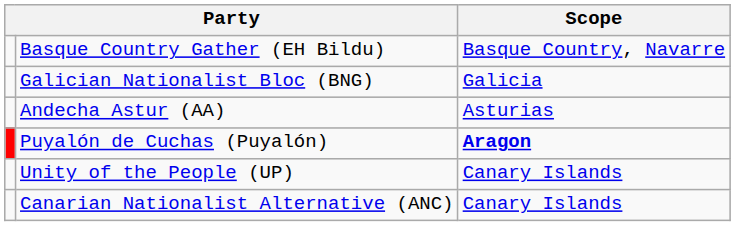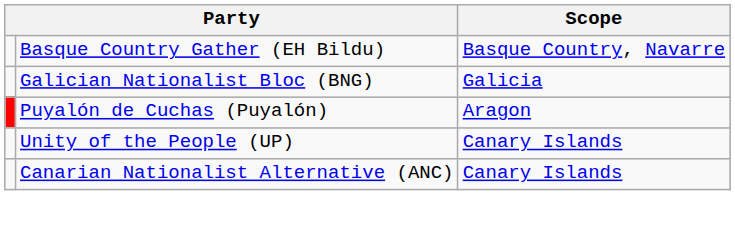 <table class="wikitable" style="text-align:left; font-size:95%;">
 <tr>
 <th colspan="2">Party</th>
 <th>Scope</th>
 </tr>
 <tr>
 <td width="1"></td>
 <td><a href='#'>Basque Country Gather</a> (EH Bildu)</td>
 <td><a href='#'>Basque Country</a>, <a href='#'>Navarre</a></td>
 </tr>
 <tr>
 <td></td>
 <td><a href='#'>Galician Nationalist Bloc</a> (BNG)</td>
 <td><a href='#'>Galicia</a></td>
 </tr>
 <tr>
-<td></td>
-<td><a href='#'>Andecha Astur</a> (AA)</td>
-<td><a href='#'>Asturias</a></td>
-</tr>
-<tr>
 <td bgcolor="red"></td>
 <td><a href='#'>Puyalón de Cuchas</a> (Puyalón)</td>
-<td><strong><a href='#'>Aragon</a></strong></td>
+<td><a href='#'>Aragon</a></td>
 </tr>
 <tr>
 <td></td>
 <td><a href='#'>Unity of the People</a> (UP)</td>
 <td><a href='#'>Canary Islands</a></td>
 </tr>
 <tr>
 <td></td>
 <td><a href='#'>Canarian Nationalist Alternative</a> (ANC)</td>
 <td><a href='#'>Canary Islands</a></td>
 </tr>
 </table>
